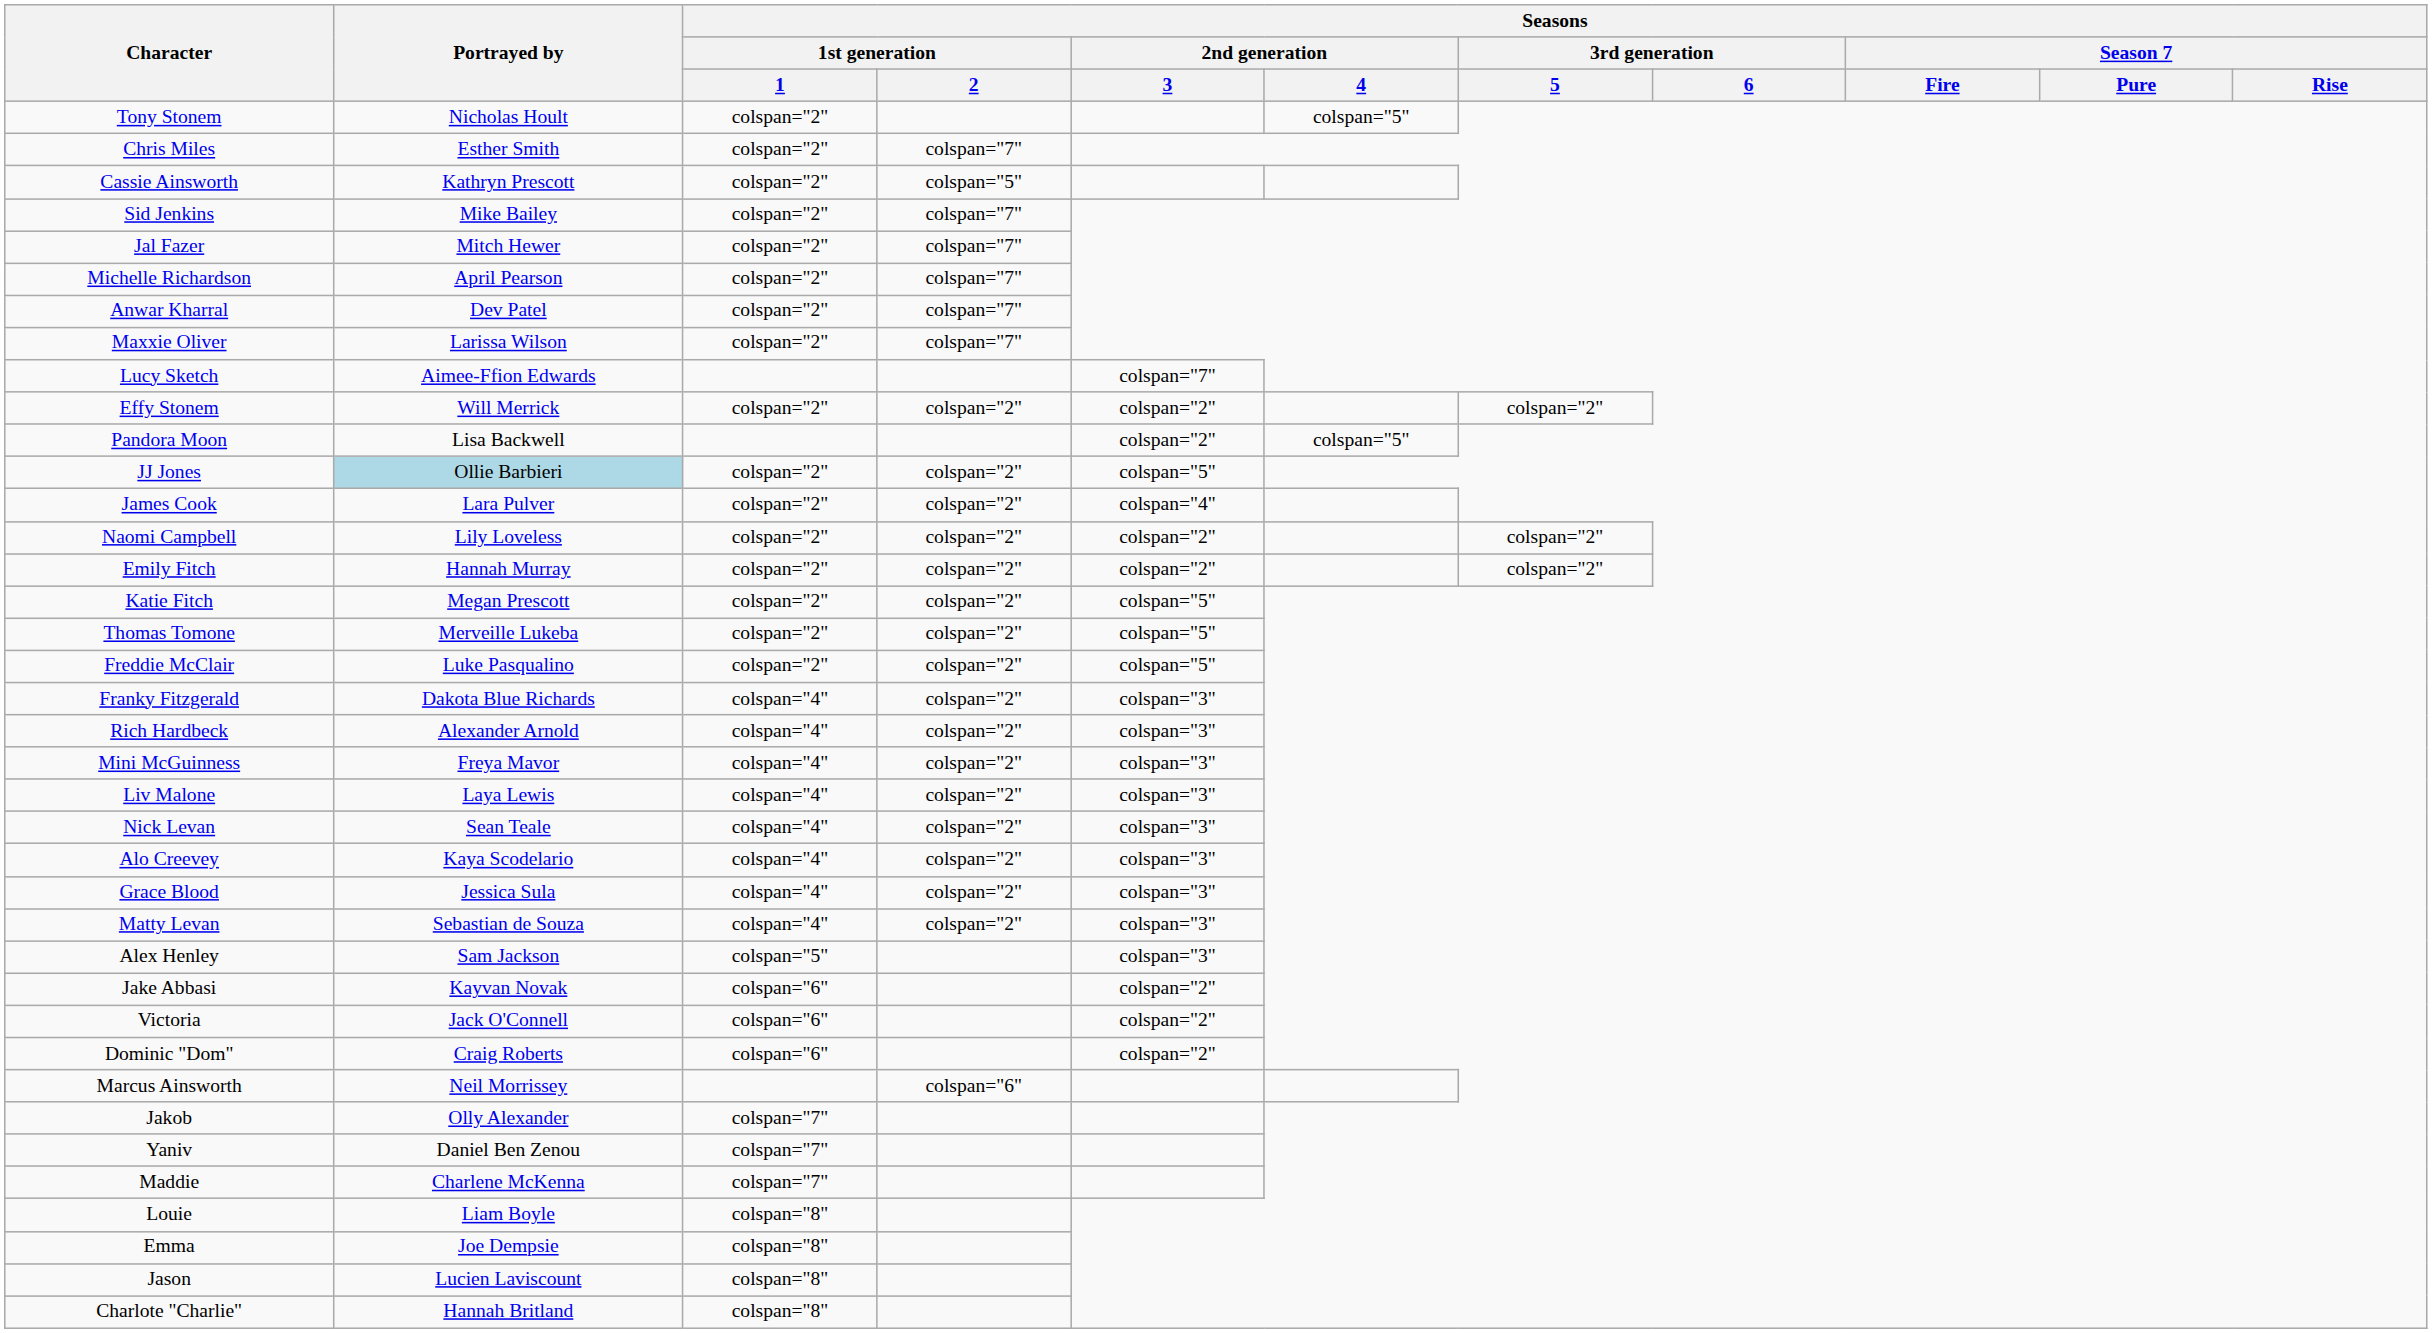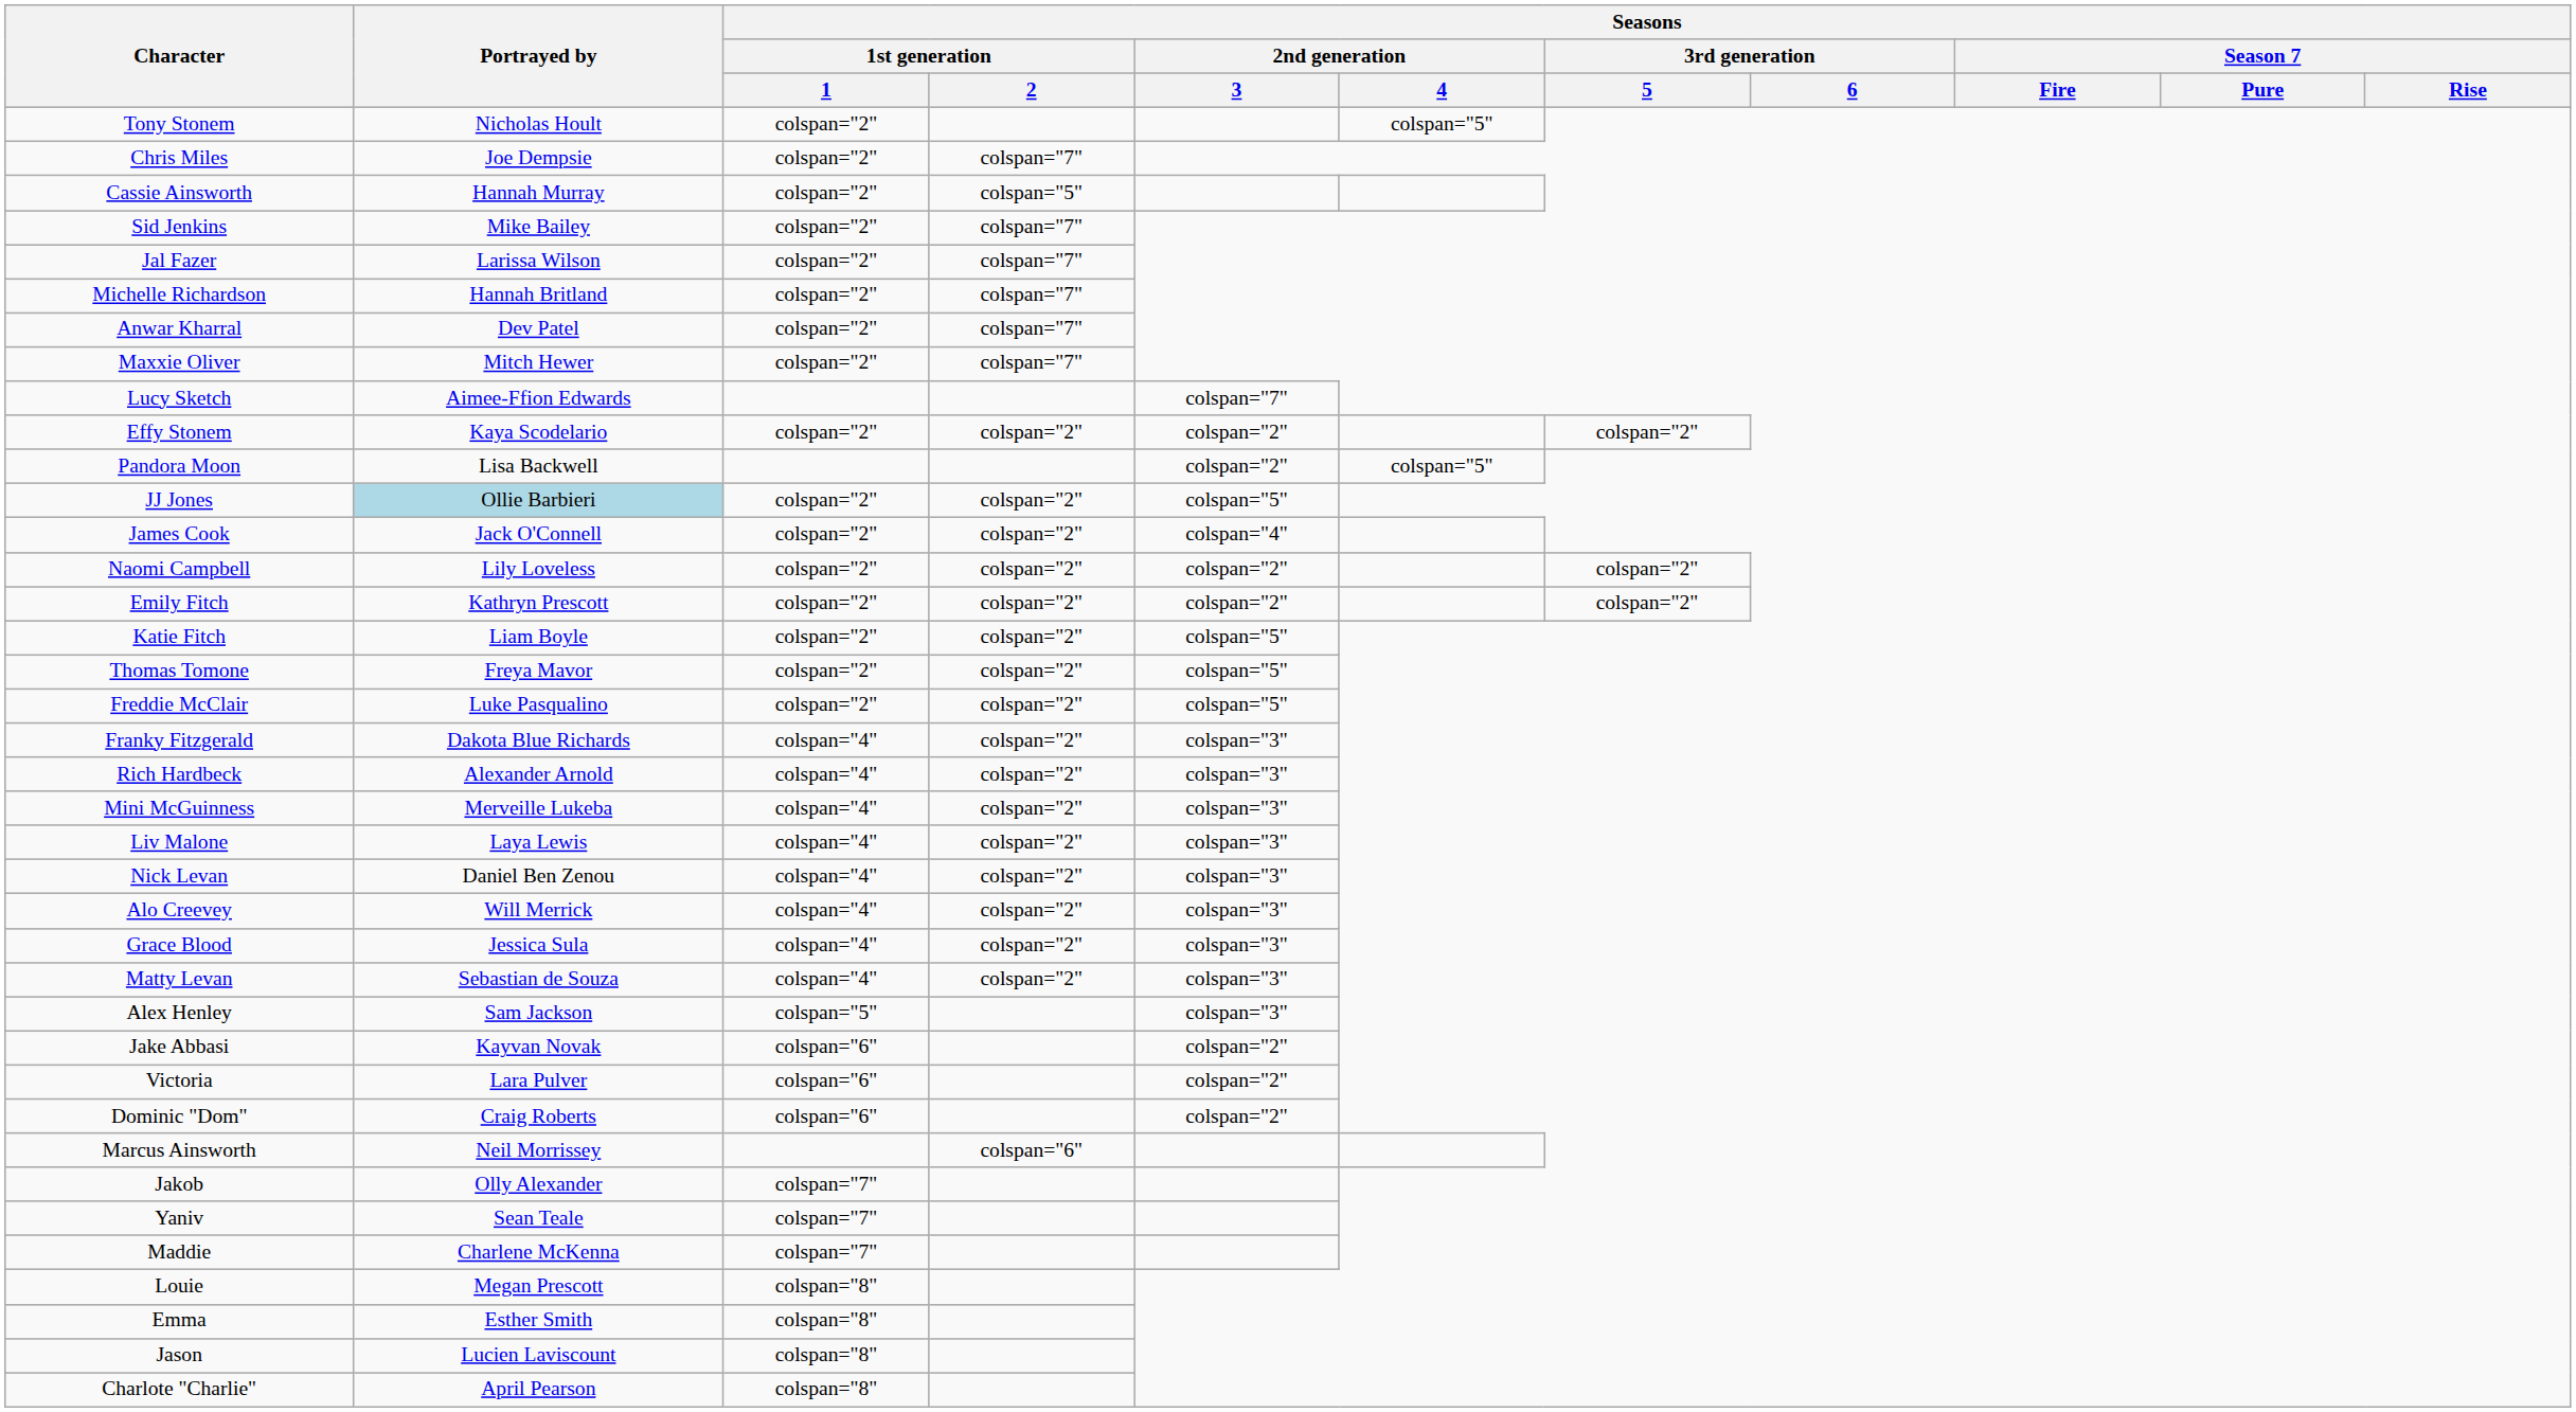 <table class="wikitable plainrowheaders" style="text-align:center; font-size:80%; width:100%">
 <tr>
 <th rowspan="3">Character</th>
 <th rowspan="3">Portrayed by</th>
 <th colspan="9">Seasons</th>
 </tr>
 <tr>
 <th colspan="2">1st generation</th>
 <th colspan="2">2nd generation</th>
 <th colspan="2">3rd generation</th>
 <th colspan="3"><a href='#'>Season 7</a></th>
 </tr>
 <tr>
 <th style="width:8%;"><a href='#'>1</a></th>
 <th style="width:8%;"><a href='#'>2</a></th>
 <th style="width:8%;"><a href='#'>3</a></th>
 <th style="width:8%;"><a href='#'>4</a></th>
 <th style="width:8%;"><a href='#'>5</a></th>
 <th style="width:8%;"><a href='#'>6</a></th>
 <th style="width:8%;"><a href='#'>Fire</a></th>
 <th style="width:8%;"><a href='#'>Pure</a></th>
 <th style="width:8%;"><a href='#'>Rise</a></th>
 </tr>
 <tr>
 <td><a href='#'>Tony Stonem</a></td>
 <td><a href='#'>Nicholas Hoult</a></td>
 <td>colspan="2" </td>
 <td></td>
 <td></td>
 <td>colspan="5" </td>
 </tr>
 <tr>
 <td><a href='#'>Chris Miles</a></td>
-<td><a href='#'>Esther Smith</a></td>
+<td><a href='#'>Joe Dempsie</a></td>
 <td>colspan="2" </td>
 <td>colspan="7" </td>
 </tr>
 <tr>
 <td><a href='#'>Cassie Ainsworth</a></td>
-<td><a href='#'>Kathryn Prescott</a></td>
+<td><a href='#'>Hannah Murray</a></td>
 <td>colspan="2" </td>
 <td>colspan="5" </td>
 <td></td>
 <td></td>
 </tr>
 <tr>
 <td><a href='#'>Sid Jenkins</a></td>
 <td><a href='#'>Mike Bailey</a></td>
 <td>colspan="2" </td>
 <td>colspan="7" </td>
 </tr>
 <tr>
 <td><a href='#'>Jal Fazer</a></td>
-<td><a href='#'>Mitch Hewer</a></td>
+<td><a href='#'>Larissa Wilson</a></td>
 <td>colspan="2" </td>
 <td>colspan="7" </td>
 </tr>
 <tr>
 <td><a href='#'>Michelle Richardson</a></td>
-<td><a href='#'>April Pearson</a></td>
+<td><a href='#'>Hannah Britland</a></td>
 <td>colspan="2" </td>
 <td>colspan="7" </td>
 </tr>
 <tr>
 <td><a href='#'>Anwar Kharral</a></td>
 <td><a href='#'>Dev Patel</a></td>
 <td>colspan="2" </td>
 <td>colspan="7" </td>
 </tr>
 <tr>
 <td><a href='#'>Maxxie Oliver</a></td>
-<td><a href='#'>Larissa Wilson</a></td>
+<td><a href='#'>Mitch Hewer</a></td>
 <td>colspan="2" </td>
 <td>colspan="7" </td>
 </tr>
 <tr>
 <td><a href='#'>Lucy Sketch</a></td>
 <td><a href='#'>Aimee-Ffion Edwards</a></td>
 <td></td>
 <td></td>
 <td>colspan="7" </td>
 </tr>
 <tr>
 <td><a href='#'>Effy Stonem</a></td>
-<td><a href='#'>Will Merrick</a></td>
+<td><a href='#'>Kaya Scodelario</a></td>
 <td>colspan="2" </td>
 <td>colspan="2" </td>
 <td>colspan="2" </td>
 <td></td>
 <td>colspan="2" </td>
 </tr>
 <tr>
 <td><a href='#'>Pandora Moon</a></td>
 <td>Lisa Backwell</td>
 <td></td>
 <td></td>
 <td>colspan="2" </td>
 <td>colspan="5" </td>
 </tr>
 <tr>
 <td><a href='#'>JJ Jones</a></td>
 <td style="background: lightblue;">Ollie Barbieri</td>
 <td>colspan="2" </td>
 <td>colspan="2" </td>
 <td>colspan="5" </td>
 </tr>
 <tr>
 <td><a href='#'>James Cook</a></td>
-<td><a href='#'>Lara Pulver</a></td>
+<td><a href='#'>Jack O'Connell</a></td>
 <td>colspan="2" </td>
 <td>colspan="2" </td>
 <td>colspan="4" </td>
 <td></td>
 </tr>
 <tr>
 <td><a href='#'>Naomi Campbell</a></td>
 <td><a href='#'>Lily Loveless</a></td>
 <td>colspan="2" </td>
 <td>colspan="2" </td>
 <td>colspan="2" </td>
 <td></td>
 <td>colspan="2" </td>
 </tr>
 <tr>
 <td><a href='#'>Emily Fitch</a></td>
-<td><a href='#'>Hannah Murray</a></td>
+<td><a href='#'>Kathryn Prescott</a></td>
 <td>colspan="2" </td>
 <td>colspan="2" </td>
 <td>colspan="2" </td>
 <td></td>
 <td>colspan="2" </td>
 </tr>
 <tr>
 <td><a href='#'>Katie Fitch</a></td>
-<td><a href='#'>Megan Prescott</a></td>
+<td><a href='#'>Liam Boyle</a></td>
 <td>colspan="2" </td>
 <td>colspan="2" </td>
 <td>colspan="5" </td>
 </tr>
 <tr>
 <td><a href='#'>Thomas Tomone</a></td>
-<td><a href='#'>Merveille Lukeba</a></td>
+<td><a href='#'>Freya Mavor</a></td>
 <td>colspan="2" </td>
 <td>colspan="2" </td>
 <td>colspan="5" </td>
 </tr>
 <tr>
 <td><a href='#'>Freddie McClair</a></td>
 <td><a href='#'>Luke Pasqualino</a></td>
 <td>colspan="2" </td>
 <td>colspan="2" </td>
 <td>colspan="5" </td>
 </tr>
 <tr>
 <td><a href='#'>Franky Fitzgerald</a></td>
 <td><a href='#'>Dakota Blue Richards</a></td>
 <td>colspan="4" </td>
 <td>colspan="2" </td>
 <td>colspan="3" </td>
 </tr>
 <tr>
 <td><a href='#'>Rich Hardbeck</a></td>
 <td><a href='#'>Alexander Arnold</a></td>
 <td>colspan="4" </td>
 <td>colspan="2" </td>
 <td>colspan="3" </td>
 </tr>
 <tr>
 <td><a href='#'>Mini McGuinness</a></td>
-<td><a href='#'>Freya Mavor</a></td>
+<td><a href='#'>Merveille Lukeba</a></td>
 <td>colspan="4" </td>
 <td>colspan="2" </td>
 <td>colspan="3" </td>
 </tr>
 <tr>
 <td><a href='#'>Liv Malone</a></td>
 <td><a href='#'>Laya Lewis</a></td>
 <td>colspan="4" </td>
 <td>colspan="2" </td>
 <td>colspan="3" </td>
 </tr>
 <tr>
 <td><a href='#'>Nick Levan</a></td>
-<td><a href='#'>Sean Teale</a></td>
+<td>Daniel Ben Zenou</td>
 <td>colspan="4" </td>
 <td>colspan="2" </td>
 <td>colspan="3" </td>
 </tr>
 <tr>
 <td><a href='#'>Alo Creevey</a></td>
-<td><a href='#'>Kaya Scodelario</a></td>
+<td><a href='#'>Will Merrick</a></td>
 <td>colspan="4" </td>
 <td>colspan="2" </td>
 <td>colspan="3" </td>
 </tr>
 <tr>
 <td><a href='#'>Grace Blood</a></td>
 <td><a href='#'>Jessica Sula</a></td>
 <td>colspan="4" </td>
 <td>colspan="2" </td>
 <td>colspan="3" </td>
 </tr>
 <tr>
 <td><a href='#'>Matty Levan</a></td>
 <td><a href='#'>Sebastian de Souza</a></td>
 <td>colspan="4" </td>
 <td>colspan="2" </td>
 <td>colspan="3" </td>
 </tr>
 <tr>
 <td>Alex Henley</td>
 <td><a href='#'>Sam Jackson</a></td>
 <td>colspan="5" </td>
 <td></td>
 <td>colspan="3" </td>
 </tr>
 <tr>
 <td>Jake Abbasi</td>
 <td><a href='#'>Kayvan Novak</a></td>
 <td>colspan="6" </td>
 <td></td>
 <td>colspan="2" </td>
 </tr>
 <tr>
 <td>Victoria</td>
-<td><a href='#'>Jack O'Connell</a></td>
+<td><a href='#'>Lara Pulver</a></td>
 <td>colspan="6" </td>
 <td></td>
 <td>colspan="2" </td>
 </tr>
 <tr>
 <td>Dominic "Dom"</td>
 <td><a href='#'>Craig Roberts</a></td>
 <td>colspan="6" </td>
 <td></td>
 <td>colspan="2" </td>
 </tr>
 <tr>
 <td>Marcus Ainsworth</td>
 <td><a href='#'>Neil Morrissey</a></td>
 <td></td>
 <td>colspan="6" </td>
 <td></td>
 <td></td>
 </tr>
 <tr>
 <td>Jakob</td>
 <td><a href='#'>Olly Alexander</a></td>
 <td>colspan="7" </td>
 <td></td>
 <td></td>
 </tr>
 <tr>
 <td>Yaniv</td>
-<td>Daniel Ben Zenou</td>
+<td><a href='#'>Sean Teale</a></td>
 <td>colspan="7" </td>
 <td></td>
 <td></td>
 </tr>
 <tr>
 <td>Maddie</td>
 <td><a href='#'>Charlene McKenna</a></td>
 <td>colspan="7" </td>
 <td></td>
 <td></td>
 </tr>
 <tr>
 <td>Louie</td>
-<td><a href='#'>Liam Boyle</a></td>
+<td><a href='#'>Megan Prescott</a></td>
 <td>colspan="8" </td>
 <td></td>
 </tr>
 <tr>
 <td>Emma</td>
-<td><a href='#'>Joe Dempsie</a></td>
+<td><a href='#'>Esther Smith</a></td>
 <td>colspan="8" </td>
 <td></td>
 </tr>
 <tr>
 <td>Jason</td>
 <td><a href='#'>Lucien Laviscount</a></td>
 <td>colspan="8" </td>
 <td></td>
 </tr>
 <tr>
 <td>Charlote "Charlie"</td>
-<td><a href='#'>Hannah Britland</a></td>
+<td><a href='#'>April Pearson</a></td>
 <td>colspan="8" </td>
 <td></td>
 </tr>
 </table>
